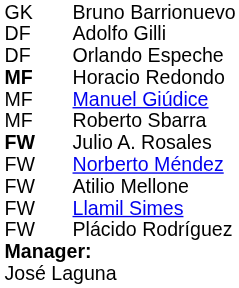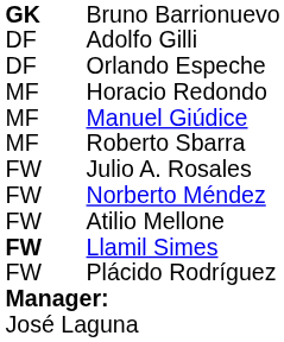 <table style="font-size:90%; margin:0.2em auto;" cellspacing="0" cellpadding="0">
 <tr>
 <th width="25"></th>
 <th width="25"></th>
 </tr>
 <tr>
-<td>GK</td>
+<td><strong>GK</strong></td>
 <td></td>
 <td> Bruno Barrionuevo</td>
 </tr>
 <tr>
 <td>DF</td>
 <td></td>
 <td> Adolfo Gilli</td>
 </tr>
 <tr>
 <td>DF</td>
 <td></td>
 <td> Orlando Espeche</td>
 </tr>
 <tr>
-<td><strong>MF</strong></td>
+<td>MF</td>
 <td></td>
 <td> Horacio Redondo</td>
 </tr>
 <tr>
 <td>MF</td>
 <td></td>
 <td> <a href='#'>Manuel Giúdice</a></td>
 </tr>
 <tr>
 <td>MF</td>
 <td></td>
 <td> Roberto Sbarra</td>
 </tr>
 <tr>
-<td><strong>FW</strong></td>
+<td>FW</td>
 <td></td>
 <td> Julio A. Rosales</td>
 </tr>
 <tr>
 <td>FW</td>
 <td></td>
 <td> <a href='#'>Norberto Méndez</a></td>
 </tr>
 <tr>
 <td>FW</td>
 <td></td>
 <td> Atilio Mellone</td>
 </tr>
 <tr>
-<td>FW</td>
+<td><strong>FW</strong></td>
 <td></td>
 <td> <a href='#'>Llamil Simes</a></td>
 </tr>
 <tr>
 <td>FW</td>
 <td></td>
 <td> Plácido Rodríguez</td>
 </tr>
 <tr>
 <td colspan=4><strong>Manager:</strong></td>
 </tr>
 <tr>
 <td colspan="4"> José Laguna</td>
 </tr>
 </table>
